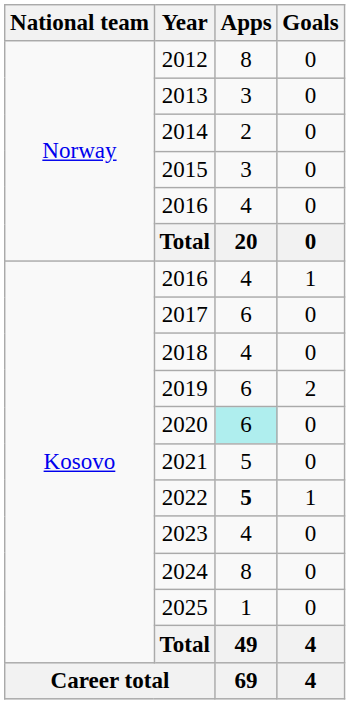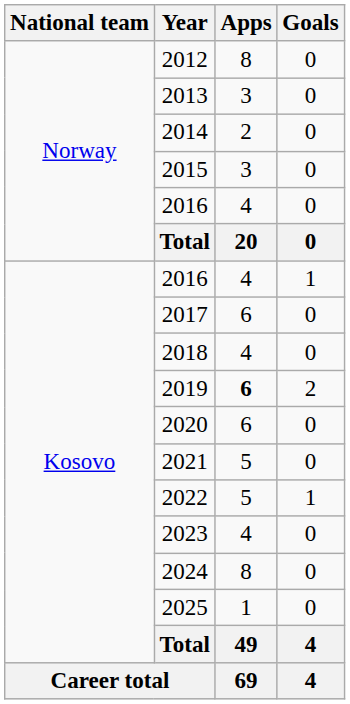 <table class="wikitable" style="text-align:center">
 <tr>
 <th>National team</th>
 <th>Year</th>
 <th>Apps</th>
 <th>Goals</th>
 </tr>
 <tr>
 <td rowspan="6"><a href='#'>Norway</a></td>
 <td>2012</td>
 <td>8</td>
 <td>0</td>
 </tr>
 <tr>
 <td>2013</td>
 <td>3</td>
 <td>0</td>
 </tr>
 <tr>
 <td>2014</td>
 <td>2</td>
 <td>0</td>
 </tr>
 <tr>
 <td>2015</td>
 <td>3</td>
 <td>0</td>
 </tr>
 <tr>
 <td>2016</td>
 <td>4</td>
 <td>0</td>
 </tr>
 <tr>
 <th>Total</th>
 <th>20</th>
 <th>0</th>
 </tr>
 <tr>
 <td rowspan="11"><a href='#'>Kosovo</a></td>
 <td>2016</td>
 <td>4</td>
 <td>1</td>
 </tr>
 <tr>
 <td>2017</td>
 <td>6</td>
 <td>0</td>
 </tr>
 <tr>
 <td>2018</td>
 <td>4</td>
 <td>0</td>
 </tr>
 <tr>
 <td>2019</td>
-<td>6</td>
+<td><strong>6</strong></td>
 <td>2</td>
 </tr>
 <tr>
 <td>2020</td>
-<td style="background: paleturquoise;">6</td>
+<td>6</td>
 <td>0</td>
 </tr>
 <tr>
 <td>2021</td>
 <td>5</td>
 <td>0</td>
 </tr>
 <tr>
 <td>2022</td>
-<td><strong>5</strong></td>
+<td>5</td>
 <td>1</td>
 </tr>
 <tr>
 <td>2023</td>
 <td>4</td>
 <td>0</td>
 </tr>
 <tr>
 <td>2024</td>
 <td>8</td>
 <td>0</td>
 </tr>
 <tr>
 <td>2025</td>
 <td>1</td>
 <td>0</td>
 </tr>
 <tr>
 <th>Total</th>
 <th>49</th>
 <th>4</th>
 </tr>
 <tr>
 <th colspan="2">Career total</th>
 <th>69</th>
 <th>4</th>
 </tr>
 </table>
